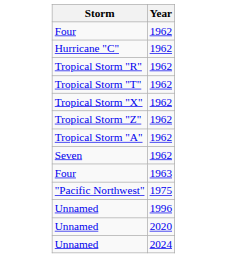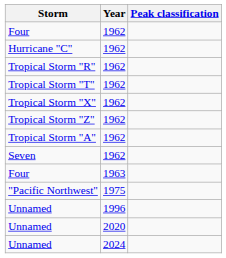 <table class="wikitable sortable" style="margin:auto;">
 <tr>
 <th>Storm</th>
 <th>Year</th>
+<th><a href='#'>Peak classification</a></th>
 </tr>
 <tr>
 <td><a href='#'>Four</a></td>
 <td><a href='#'>1962</a></td>
+<td></td>
 </tr>
 <tr>
 <td><a href='#'>Hurricane "C"</a></td>
 <td><a href='#'>1962</a></td>
+<td></td>
 </tr>
 <tr>
 <td><a href='#'>Tropical Storm "R"</a></td>
 <td><a href='#'>1962</a></td>
+<td></td>
 </tr>
 <tr>
 <td><a href='#'>Tropical Storm "T"</a></td>
 <td><a href='#'>1962</a></td>
+<td></td>
 </tr>
 <tr>
 <td><a href='#'>Tropical Storm "X"</a></td>
 <td><a href='#'>1962</a></td>
+<td></td>
 </tr>
 <tr>
 <td><a href='#'>Tropical Storm "Z"</a></td>
 <td><a href='#'>1962</a></td>
+<td></td>
 </tr>
 <tr>
 <td><a href='#'>Tropical Storm "A"</a></td>
 <td><a href='#'>1962</a></td>
+<td></td>
 </tr>
 <tr>
 <td><a href='#'>Seven</a></td>
 <td><a href='#'>1962</a></td>
+<td></td>
 </tr>
 <tr>
 <td><a href='#'>Four</a></td>
 <td><a href='#'>1963</a></td>
+<td></td>
 </tr>
 <tr>
 <td><a href='#'>"Pacific Northwest"</a></td>
 <td><a href='#'>1975</a></td>
+<td></td>
 </tr>
 <tr>
 <td><a href='#'>Unnamed</a></td>
 <td><a href='#'>1996</a></td>
+<td></td>
 </tr>
 <tr>
 <td><a href='#'>Unnamed</a></td>
 <td><a href='#'>2020</a></td>
+<td></td>
 </tr>
 <tr>
 <td><a href='#'>Unnamed</a></td>
 <td><a href='#'>2024</a></td>
+<td></td>
 </tr>
 </table>
